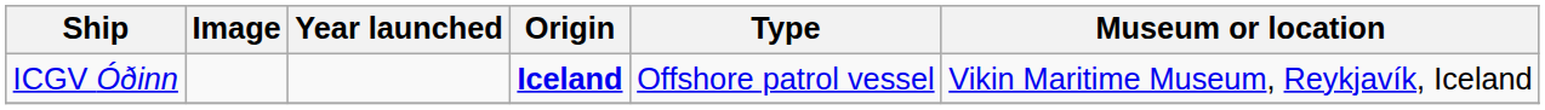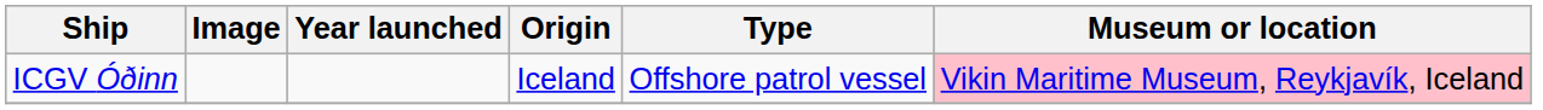 <table class="wikitable sortable">
 <tr>
 <th>Ship</th>
 <th>Image</th>
 <th>Year launched</th>
 <th>Origin</th>
 <th>Type</th>
 <th>Museum or location</th>
 </tr>
 <tr>
 <td data-sort-value=Óðinn><a href='#'>ICGV <em>Óðinn</em></a></td>
 <td></td>
 <td></td>
-<td><strong> <a href='#'>Iceland</a></strong></td>
+<td> <a href='#'>Iceland</a></td>
 <td><a href='#'>Offshore patrol vessel</a></td>
-<td><a href='#'>Vikin Maritime Museum</a>, <a href='#'>Reykjavík</a>, Iceland</td>
+<td style="background: pink;"><a href='#'>Vikin Maritime Museum</a>, <a href='#'>Reykjavík</a>, Iceland</td>
 </tr>
 <tr>
 </tr>
 </table>
